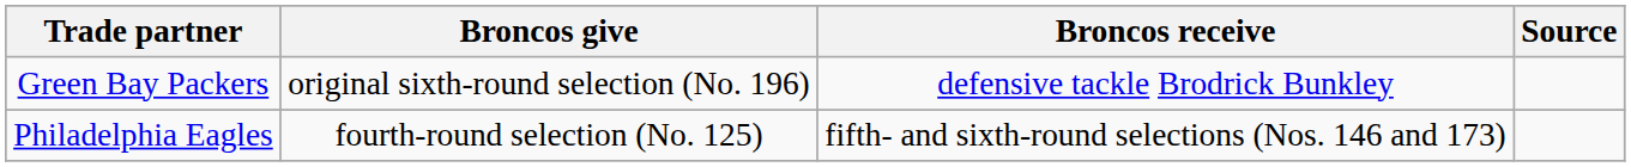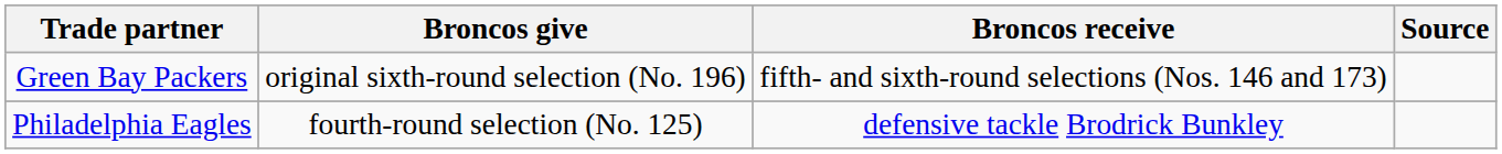 <table class="wikitable" style="text-align:center">
 <tr>
 <th>Trade partner</th>
 <th>Broncos give</th>
 <th>Broncos receive</th>
 <th>Source</th>
 </tr>
 <tr>
 <td><a href='#'>Green Bay Packers</a></td>
 <td>original sixth-round selection (No. 196)</td>
-<td><a href='#'>defensive tackle</a> <a href='#'>Brodrick Bunkley</a></td>
+<td>fifth- and sixth-round selections (Nos. 146 and 173)</td>
 <td></td>
 </tr>
 <tr>
 <td><a href='#'>Philadelphia Eagles</a></td>
 <td>fourth-round selection (No. 125)</td>
-<td>fifth- and sixth-round selections (Nos. 146 and 173)</td>
+<td><a href='#'>defensive tackle</a> <a href='#'>Brodrick Bunkley</a></td>
 <td></td>
 </tr>
 </table>
